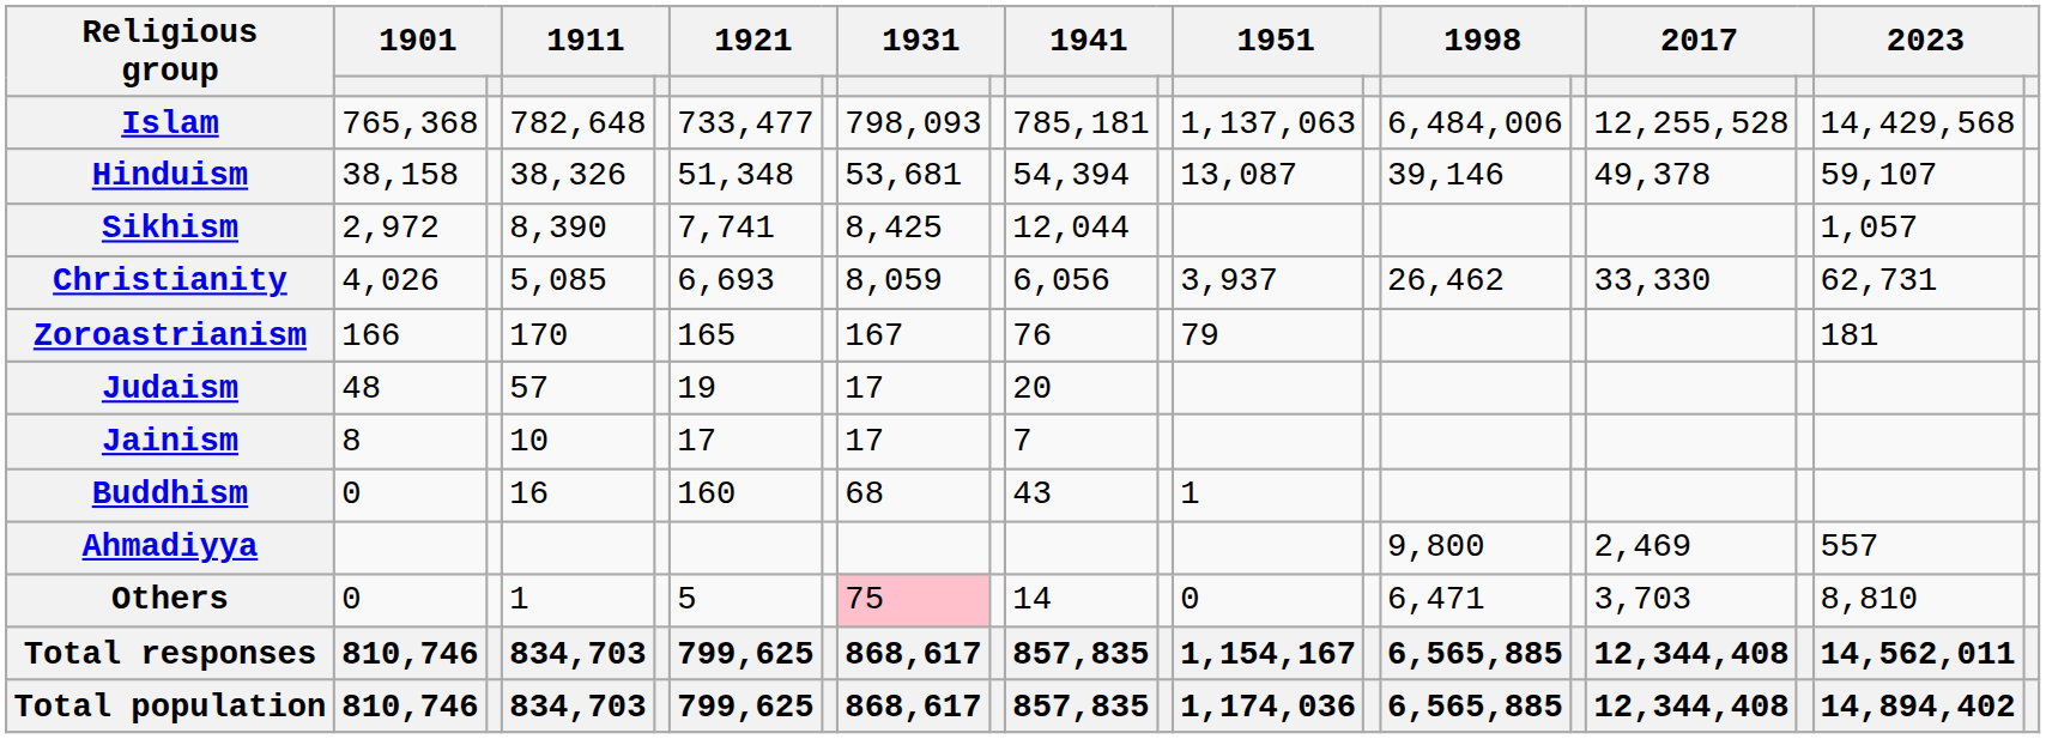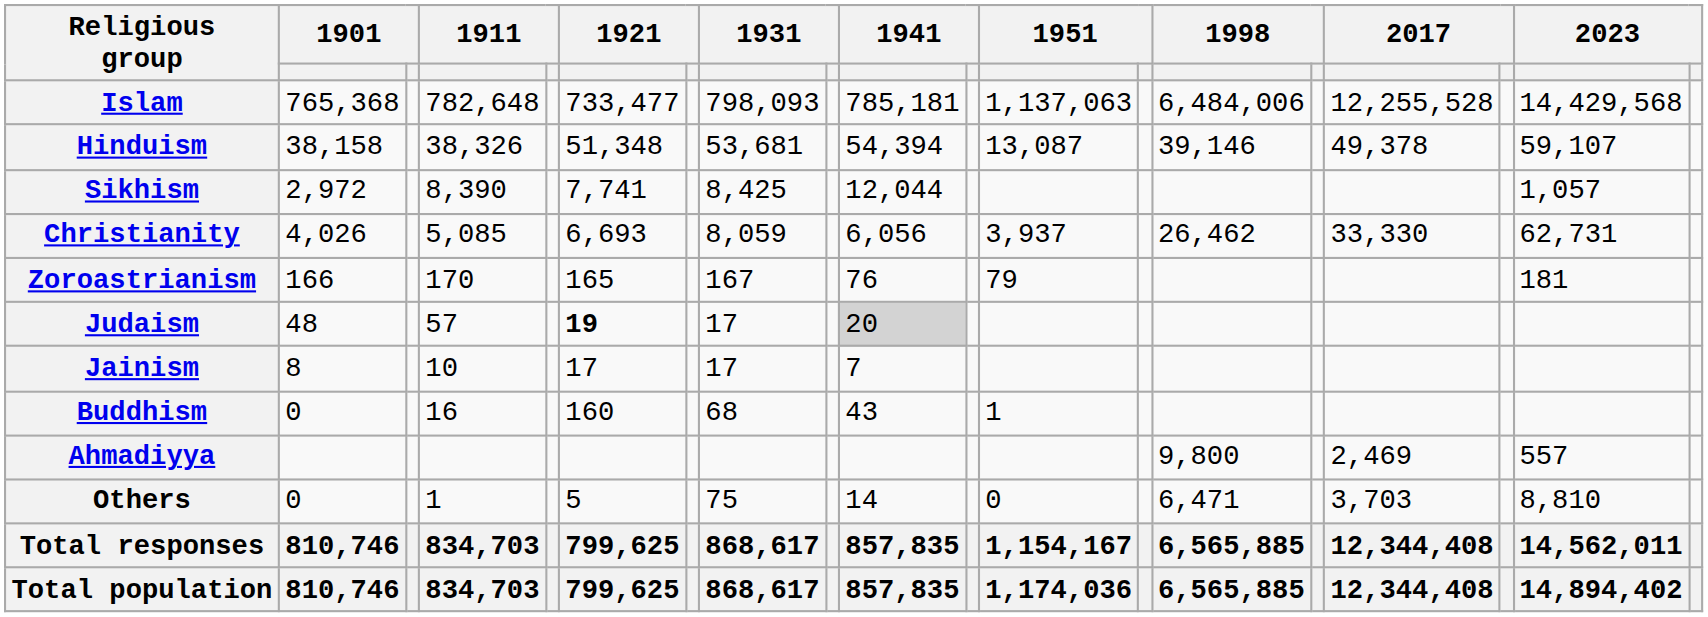 <table class="wikitable sortable">
 <tr>
 <th rowspan="2">Religious<br>group</th>
 <th colspan="2">1901</th>
 <th colspan="2">1911</th>
 <th colspan="2">1921</th>
 <th colspan="2">1931</th>
 <th colspan="2">1941</th>
 <th colspan="2">1951</th>
 <th colspan="2">1998</th>
 <th colspan="2">2017</th>
 <th colspan="2">2023</th>
 </tr>
 <tr>
 <th><a href='#'></a></th>
 <th></th>
 <th></th>
 <th></th>
 <th></th>
 <th></th>
 <th></th>
 <th></th>
 <th></th>
 <th></th>
 <th></th>
 <th></th>
 <th></th>
 <th></th>
 <th></th>
 <th></th>
 <th></th>
 <th></th>
 </tr>
 <tr>
 <th><a href='#'>Islam</a> </th>
 <td>765,368</td>
 <td></td>
 <td>782,648</td>
 <td></td>
 <td>733,477</td>
 <td></td>
 <td>798,093</td>
 <td></td>
 <td>785,181</td>
 <td></td>
 <td>1,137,063</td>
 <td></td>
 <td>6,484,006</td>
 <td></td>
 <td>12,255,528</td>
 <td></td>
 <td>14,429,568</td>
 <td></td>
 </tr>
 <tr>
 <th><a href='#'>Hinduism</a> </th>
 <td>38,158</td>
 <td></td>
 <td>38,326</td>
 <td></td>
 <td>51,348</td>
 <td></td>
 <td>53,681</td>
 <td></td>
 <td>54,394</td>
 <td></td>
 <td>13,087</td>
 <td></td>
 <td>39,146</td>
 <td></td>
 <td>49,378</td>
 <td></td>
 <td>59,107</td>
 <td></td>
 </tr>
 <tr>
 <th><a href='#'>Sikhism</a> </th>
 <td>2,972</td>
 <td></td>
 <td>8,390</td>
 <td></td>
 <td>7,741</td>
 <td></td>
 <td>8,425</td>
 <td></td>
 <td>12,044</td>
 <td></td>
 <td></td>
 <td></td>
 <td></td>
 <td></td>
 <td></td>
 <td></td>
 <td>1,057</td>
 <td></td>
 </tr>
 <tr>
 <th><a href='#'>Christianity</a> </th>
 <td>4,026</td>
 <td></td>
 <td>5,085</td>
 <td></td>
 <td>6,693</td>
 <td></td>
 <td>8,059</td>
 <td></td>
 <td>6,056</td>
 <td></td>
 <td>3,937</td>
 <td></td>
 <td>26,462</td>
 <td></td>
 <td>33,330</td>
 <td></td>
 <td>62,731</td>
 <td></td>
 </tr>
 <tr>
 <th><a href='#'>Zoroastrianism</a> </th>
 <td>166</td>
 <td></td>
 <td>170</td>
 <td></td>
 <td>165</td>
 <td></td>
 <td>167</td>
 <td></td>
 <td>76</td>
 <td></td>
 <td>79</td>
 <td></td>
 <td></td>
 <td></td>
 <td></td>
 <td></td>
 <td>181</td>
 <td></td>
 </tr>
 <tr>
 <th><a href='#'>Judaism</a> </th>
 <td>48</td>
 <td></td>
 <td>57</td>
 <td></td>
-<td>19</td>
+<td><strong>19</strong></td>
 <td></td>
 <td>17</td>
 <td></td>
-<td>20</td>
+<td style="background: lightgrey;">20</td>
 <td></td>
 <td></td>
 <td></td>
 <td></td>
 <td></td>
 <td></td>
 <td></td>
 <td></td>
 <td></td>
 </tr>
 <tr>
 <th><a href='#'>Jainism</a> </th>
 <td>8</td>
 <td></td>
 <td>10</td>
 <td></td>
 <td>17</td>
 <td></td>
 <td>17</td>
 <td></td>
 <td>7</td>
 <td></td>
 <td></td>
 <td></td>
 <td></td>
 <td></td>
 <td></td>
 <td></td>
 <td></td>
 <td></td>
 </tr>
 <tr>
 <th><a href='#'>Buddhism</a> </th>
 <td>0</td>
 <td></td>
 <td>16</td>
 <td></td>
 <td>160</td>
 <td></td>
 <td>68</td>
 <td></td>
 <td>43</td>
 <td></td>
 <td>1</td>
 <td></td>
 <td></td>
 <td></td>
 <td></td>
 <td></td>
 <td></td>
 <td></td>
 </tr>
 <tr>
 <th><a href='#'>Ahmadiyya</a> </th>
 <td></td>
 <td></td>
 <td></td>
 <td></td>
 <td></td>
 <td></td>
 <td></td>
 <td></td>
 <td></td>
 <td></td>
 <td></td>
 <td></td>
 <td>9,800</td>
 <td></td>
 <td>2,469</td>
 <td></td>
 <td>557</td>
 <td></td>
 </tr>
 <tr>
 <th>Others</th>
 <td>0</td>
 <td></td>
 <td>1</td>
 <td></td>
 <td>5</td>
 <td></td>
-<td style="background: pink;">75</td>
+<td>75</td>
 <td></td>
 <td>14</td>
 <td></td>
 <td>0</td>
 <td></td>
 <td>6,471</td>
 <td></td>
 <td>3,703</td>
 <td></td>
 <td>8,810</td>
 <td></td>
 </tr>
 <tr class="sortbottom">
 <th>Total responses</th>
 <th>810,746</th>
 <th></th>
 <th>834,703</th>
 <th></th>
 <th>799,625</th>
 <th></th>
 <th>868,617</th>
 <th></th>
 <th>857,835</th>
 <th></th>
 <th>1,154,167</th>
 <th></th>
 <th>6,565,885</th>
 <th></th>
 <th>12,344,408</th>
 <th></th>
 <th>14,562,011</th>
 <th></th>
 </tr>
 <tr class="sortbottom">
 <th>Total population</th>
 <th>810,746</th>
 <th></th>
 <th>834,703</th>
 <th></th>
 <th>799,625</th>
 <th></th>
 <th>868,617</th>
 <th></th>
 <th>857,835</th>
 <th></th>
 <th>1,174,036</th>
 <th></th>
 <th>6,565,885</th>
 <th></th>
 <th>12,344,408</th>
 <th></th>
 <th>14,894,402</th>
 <th></th>
 </tr>
 </table>
